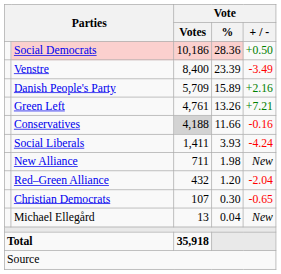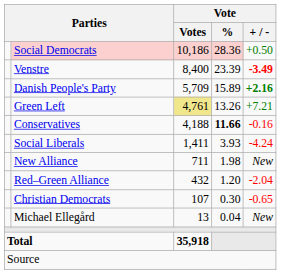 <table class="wikitable" style="text-align:right;">
 <tr>
 <th style="text-align:centre;" rowspan="2" colspan="2" width="225">Parties</th>
 <th colspan="3">Vote</th>
 </tr>
 <tr>
 <th width="15">Votes</th>
 <th width="15">%</th>
 <th width="15">+ / -</th>
 </tr>
 <tr>
 <td width="2" style="color:inherit;background:"></td>
 <td bgcolor=#fbd0ce  align="left"><a href='#'>Social Democrats</a></td>
 <td bgcolor=#fbd0ce>10,186</td>
 <td bgcolor=#fbd0ce>28.36</td>
 <td style=color:green;>+0.50</td>
 </tr>
 <tr>
 <td width="2" style="color:inherit;background:"></td>
 <td align="left"><a href='#'>Venstre</a></td>
 <td>8,400</td>
 <td>23.39</td>
-<td style=color:red;>-3.49</td>
+<td style=color:red;><strong>-3.49</strong></td>
 </tr>
 <tr>
 <td width="2" style="color:inherit;background:"></td>
 <td align="left"><a href='#'>Danish People's Party</a></td>
 <td>5,709</td>
 <td>15.89</td>
-<td style=color:green;>+2.16</td>
+<td style=color:green;><strong>+2.16</strong></td>
 </tr>
 <tr>
 <td width="2" style="color:inherit;background:"></td>
 <td align="left"><a href='#'>Green Left</a></td>
-<td>4,761</td>
+<td style="background: khaki;">4,761</td>
 <td>13.26</td>
 <td style=color:green;>+7.21</td>
 </tr>
 <tr>
 <td width="2" style="color:inherit;background:"></td>
 <td align="left"><a href='#'>Conservatives</a></td>
-<td style="background: lightgrey;">4,188</td>
-<td>11.66</td>
+<td>4,188</td>
+<td><strong>11.66</strong></td>
 <td style=color:red;>-0.16</td>
 </tr>
 <tr>
 <td width="2" style="color:inherit;background:"></td>
 <td align="left"><a href='#'>Social Liberals</a></td>
 <td>1,411</td>
 <td>3.93</td>
 <td style=color:red;>-4.24</td>
 </tr>
 <tr>
 <td width="2" style="color:inherit;background:"></td>
 <td align="left"><a href='#'>New Alliance</a></td>
 <td>711</td>
 <td>1.98</td>
 <td><em>New</em></td>
 </tr>
 <tr>
 <td width="2" style="color:inherit;background:"></td>
 <td align="left"><a href='#'>Red–Green Alliance</a></td>
 <td>432</td>
 <td>1.20</td>
 <td style=color:red;>-2.04</td>
 </tr>
 <tr>
 <td width="2" style="color:inherit;background:"></td>
 <td align="left"><a href='#'>Christian Democrats</a></td>
 <td>107</td>
 <td>0.30</td>
 <td style=color:red;>-0.65</td>
 </tr>
 <tr>
 <td width="2" style="color:inherit;background:"></td>
 <td align="left">Michael Ellegård</td>
 <td>13</td>
 <td>0.04</td>
 <td><em>New</em></td>
 </tr>
 <tr>
 <td colspan="7" bgcolor="#E9E9E9"></td>
 </tr>
 <tr>
 <td align="left" colspan="2"><strong>Total</strong></td>
 <td><strong>35,918</strong></td>
 <td bgcolor="#E9E9E9" colspan="2"></td>
 </tr>
 <tr>
 <td align="left" colspan="6">Source</td>
 </tr>
 </table>
